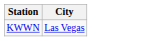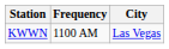 <table class="wikitable">
 <tr>
 <th>Station</th>
+<th>Frequency</th>
 <th>City</th>
 </tr>
 <tr>
 <td><a href='#'>KWWN</a></td>
+<td>1100 AM</td>
 <td><a href='#'>Las Vegas</a></td>
 </tr>
 </table>
